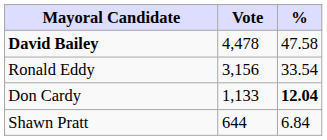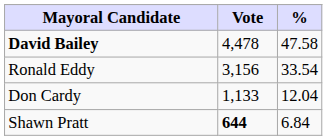 <table class="wikitable">
 <tr style="background-color:#E9E9E9">
 </tr>
 <tr>
 <th style="background:#ddf; width:200px;">Mayoral Candidate</th>
 <th style="background:#ddf; width:50px;">Vote</th>
 <th style="background:#ddf; width:30px;">%</th>
 </tr>
 <tr>
 <td><strong>David Bailey</strong></td>
 <td>4,478</td>
 <td>47.58</td>
 </tr>
 <tr>
 <td>Ronald Eddy</td>
 <td>3,156</td>
 <td>33.54</td>
 </tr>
 <tr>
 <td>Don Cardy</td>
 <td>1,133</td>
-<td><strong>12.04</strong></td>
+<td>12.04</td>
 </tr>
 <tr>
 <td>Shawn Pratt</td>
-<td>644</td>
+<td><strong>644</strong></td>
 <td>6.84</td>
 </tr>
 </table>
